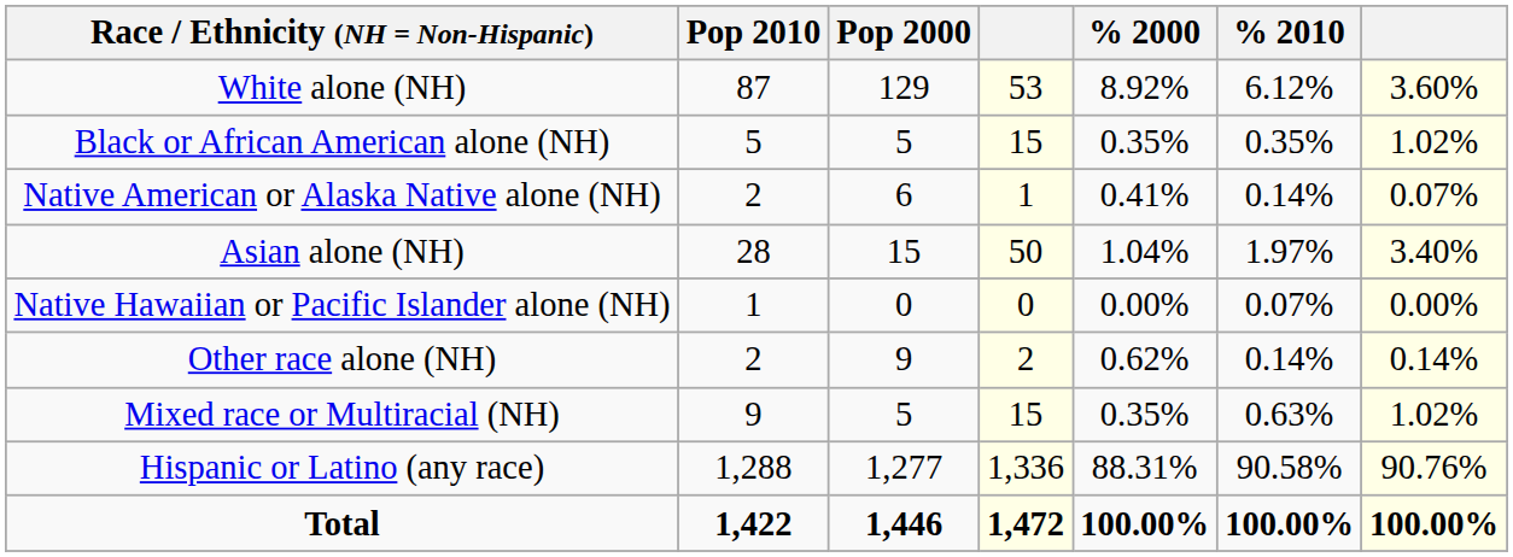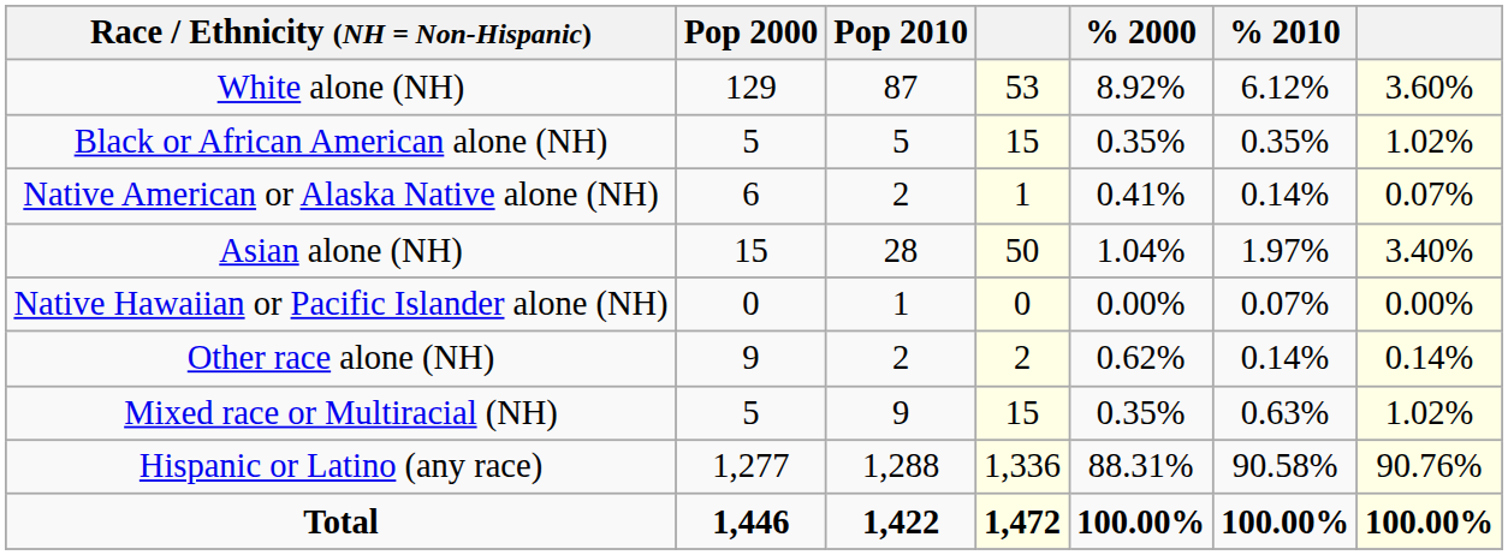 <table class="wikitable" style="text-align:center;">
 <tr>
 <th>Race / Ethnicity <small>(<em>NH = Non-Hispanic</em>)</small></th>
+<th>Pop 2000</th>
 <th>Pop 2010</th>
-<th>Pop 2000</th>
 <th></th>
 <th>% 2000</th>
 <th>% 2010</th>
 <th></th>
 </tr>
 <tr>
 <td><a href='#'>White</a> alone (NH)</td>
+<td>129</td>
 <td>87</td>
-<td>129</td>
 <td style='background: #ffffe6;'>53</td>
 <td>8.92%</td>
 <td>6.12%</td>
 <td style='background: #ffffe6;'>3.60%</td>
 </tr>
 <tr>
 <td><a href='#'>Black or African American</a> alone (NH)</td>
 <td>5</td>
 <td>5</td>
 <td style='background: #ffffe6;'>15</td>
 <td>0.35%</td>
 <td>0.35%</td>
 <td style='background: #ffffe6;'>1.02%</td>
 </tr>
 <tr>
 <td><a href='#'>Native American</a> or <a href='#'>Alaska Native</a> alone (NH)</td>
+<td>6</td>
 <td>2</td>
-<td>6</td>
 <td style='background: #ffffe6;'>1</td>
 <td>0.41%</td>
 <td>0.14%</td>
 <td style='background: #ffffe6;'>0.07%</td>
 </tr>
 <tr>
 <td><a href='#'>Asian</a> alone (NH)</td>
+<td>15</td>
 <td>28</td>
-<td>15</td>
 <td style='background: #ffffe6;'>50</td>
 <td>1.04%</td>
 <td>1.97%</td>
 <td style='background: #ffffe6;'>3.40%</td>
 </tr>
 <tr>
 <td><a href='#'>Native Hawaiian</a> or <a href='#'>Pacific Islander</a> alone (NH)</td>
+<td>0</td>
 <td>1</td>
-<td>0</td>
 <td style='background: #ffffe6;'>0</td>
 <td>0.00%</td>
 <td>0.07%</td>
 <td style='background: #ffffe6;'>0.00%</td>
 </tr>
 <tr>
 <td><a href='#'>Other race</a> alone (NH)</td>
+<td>9</td>
 <td>2</td>
-<td>9</td>
 <td style='background: #ffffe6;'>2</td>
 <td>0.62%</td>
 <td>0.14%</td>
 <td style='background: #ffffe6;'>0.14%</td>
 </tr>
 <tr>
 <td><a href='#'>Mixed race or Multiracial</a> (NH)</td>
+<td>5</td>
 <td>9</td>
-<td>5</td>
 <td style='background: #ffffe6;'>15</td>
 <td>0.35%</td>
 <td>0.63%</td>
 <td style='background: #ffffe6;'>1.02%</td>
 </tr>
 <tr>
 <td><a href='#'>Hispanic or Latino</a> (any race)</td>
+<td>1,277</td>
 <td>1,288</td>
-<td>1,277</td>
 <td style='background: #ffffe6;'>1,336</td>
 <td>88.31%</td>
 <td>90.58%</td>
 <td style='background: #ffffe6;'>90.76%</td>
 </tr>
 <tr>
 <td><strong>Total</strong></td>
+<td><strong>1,446</strong></td>
 <td><strong>1,422</strong></td>
-<td><strong>1,446</strong></td>
 <td style='background: #ffffe6;'><strong>1,472</strong></td>
 <td><strong>100.00%</strong></td>
 <td><strong>100.00%</strong></td>
 <td style='background: #ffffe6;'><strong>100.00%</strong></td>
 </tr>
 </table>
